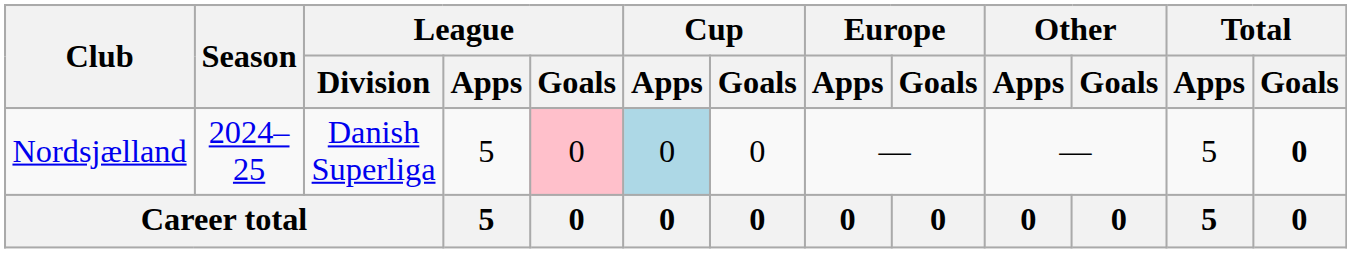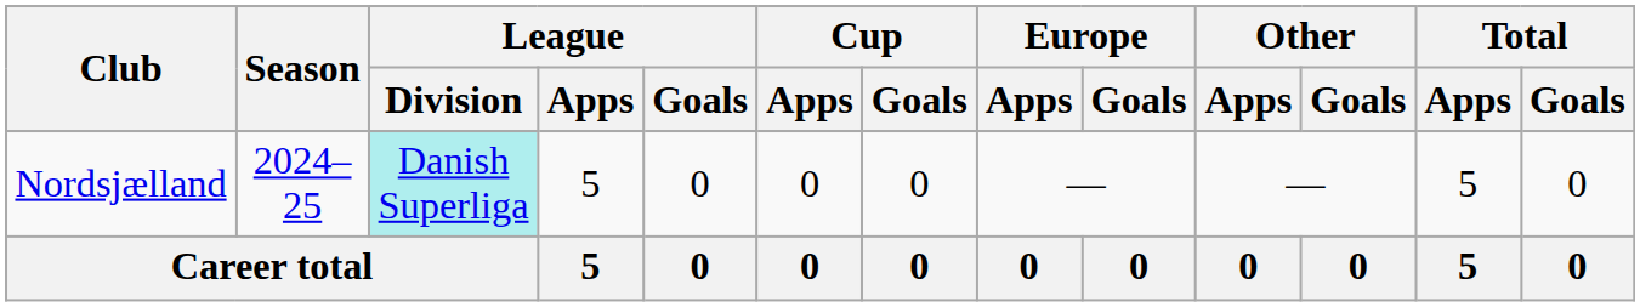 <table class="wikitable" style="text-align:center">
 <tr>
 <th rowspan="2">Club</th>
 <th rowspan="2">Season</th>
 <th colspan="3">League</th>
 <th colspan="2">Cup</th>
 <th colspan="2">Europe</th>
 <th colspan="2">Other</th>
 <th colspan="2">Total</th>
 </tr>
 <tr>
 <th>Division</th>
 <th>Apps</th>
 <th>Goals</th>
 <th>Apps</th>
 <th>Goals</th>
 <th>Apps</th>
 <th>Goals</th>
 <th>Apps</th>
 <th>Goals</th>
 <th>Apps</th>
 <th>Goals</th>
 </tr>
 <tr>
 <td><a href='#'>Nordsjælland</a></td>
 <td><a href='#'>2024–25</a></td>
-<td><a href='#'>Danish Superliga</a></td>
+<td style="background: paleturquoise;"><a href='#'>Danish Superliga</a></td>
 <td>5</td>
-<td style="background: pink;">0</td>
-<td style="background: lightblue;">0</td>
+<td>0</td>
+<td>0</td>
 <td>0</td>
 <td colspan="2">—</td>
 <td colspan="2">—</td>
 <td>5</td>
-<td><strong>0</strong></td>
+<td>0</td>
 </tr>
 <tr>
 <th colspan="3">Career total</th>
 <th>5</th>
 <th>0</th>
 <th>0</th>
 <th>0</th>
 <th>0</th>
 <th>0</th>
 <th>0</th>
 <th>0</th>
 <th>5</th>
 <th>0</th>
 </tr>
 </table>
